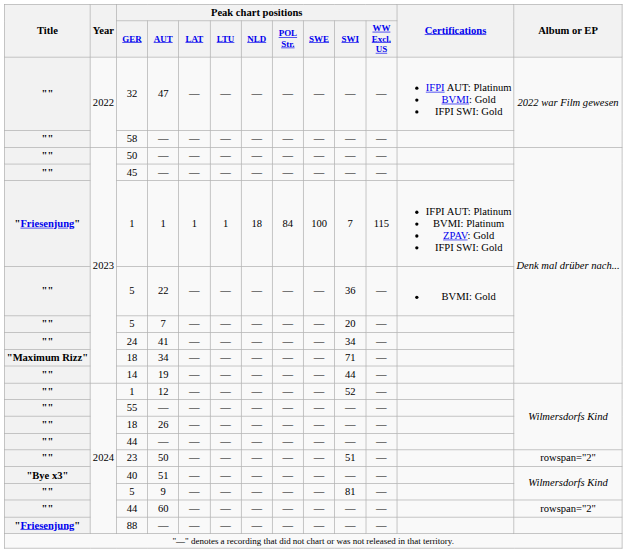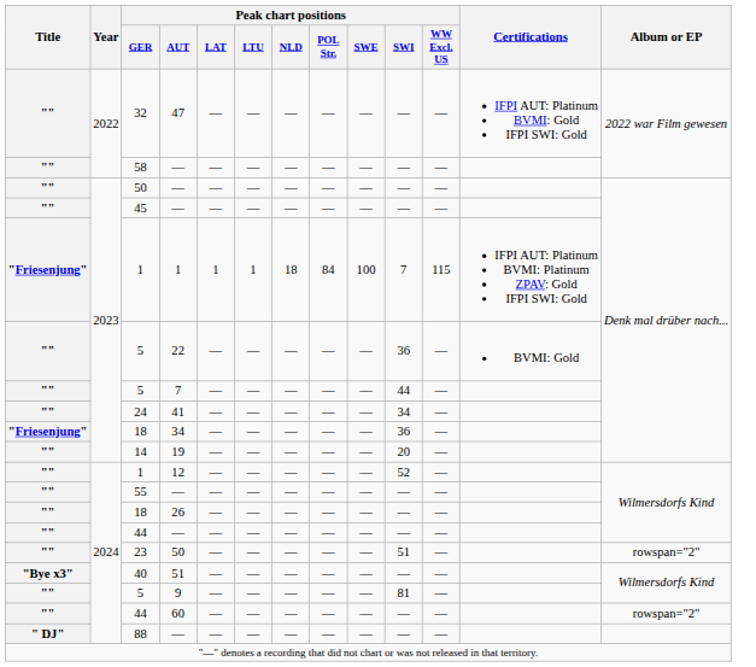 <table class="wikitable plainrowheaders" style="text-align:center;">
 <tr>
 <th scope="col" rowspan="2">Title</th>
 <th scope="col" rowspan="2">Year</th>
 <th scope="col" colspan="9">Peak chart positions</th>
 <th scope="col" rowspan="2"><a href='#'>Certifications</a></th>
 <th scope="col" rowspan="2">Album or EP</th>
 </tr>
 <tr>
 <th scope="col" style="width:3em;font-size:85%;"><a href='#'>GER</a><br></th>
 <th scope="col" style="width:3em;font-size:85%;"><a href='#'>AUT</a><br></th>
 <th scope="col" style="width:3em;font-size:85%;"><a href='#'>LAT</a><br></th>
 <th scope="col" style="width:3em;font-size:85%;"><a href='#'>LTU</a><br></th>
 <th scope="col" style="width:3em;font-size:85%;"><a href='#'>NLD</a><br></th>
 <th scope="col" style="width:3em;font-size:85%;"><a href='#'>POL<br>Str.</a><br></th>
 <th scope="col" style="width:3em;font-size:85%;"><a href='#'>SWE</a><br></th>
 <th scope="col" style="width:3em;font-size:85%;"><a href='#'>SWI</a><br></th>
 <th scope="col" style="width:3em;font-size:85%;"><a href='#'>WW<br>Excl.<br>US</a><br></th>
 </tr>
 <tr>
 <th scope="row">""<br></th>
 <td rowspan="2">2022</td>
 <td>32</td>
 <td>47</td>
 <td>—</td>
 <td>—</td>
 <td>—</td>
 <td>—</td>
 <td>—</td>
 <td>—</td>
 <td>—</td>
 <td><br><ul><li><a href='#'>IFPI</a> AUT: Platinum</li><li><a href='#'>BVMI</a>: Gold</li><li>IFPI SWI: Gold</li></ul></td>
 <td rowspan="2"><em>2022 war Film gewesen</em></td>
 </tr>
 <tr>
 <th scope="row">""<br></th>
 <td>58</td>
 <td>—</td>
 <td>—</td>
 <td>—</td>
 <td>—</td>
 <td>—</td>
 <td>—</td>
 <td>—</td>
 <td>—</td>
 <td></td>
 </tr>
 <tr>
 <th scope="row">""<br></th>
 <td rowspan="8">2023</td>
 <td>50</td>
 <td>—</td>
 <td>—</td>
 <td>—</td>
 <td>—</td>
 <td>—</td>
 <td>—</td>
 <td>—</td>
 <td>—</td>
 <td></td>
 <td rowspan="8"><em>Denk mal drüber nach...</em></td>
 </tr>
 <tr>
 <th scope="row">""</th>
 <td>45</td>
 <td>—</td>
 <td>—</td>
 <td>—</td>
 <td>—</td>
 <td>—</td>
 <td>—</td>
 <td>—</td>
 <td>—</td>
 <td></td>
 </tr>
 <tr>
 <th scope="row">"<a href='#'>Friesenjung</a>"<br></th>
 <td>1</td>
 <td>1</td>
 <td>1</td>
 <td>1</td>
 <td>18</td>
 <td>84</td>
 <td>100</td>
 <td>7</td>
 <td>115</td>
 <td><br><ul><li>IFPI AUT: Platinum</li><li>BVMI: Platinum</li><li><a href='#'>ZPAV</a>: Gold</li><li>IFPI SWI: Gold</li></ul></td>
 </tr>
 <tr>
 <th scope="row">""<br></th>
 <td>5</td>
 <td>22</td>
 <td>—</td>
 <td>—</td>
 <td>—</td>
 <td>—</td>
 <td>—</td>
 <td>36</td>
 <td>—</td>
 <td><br><ul><li>BVMI: Gold</li></ul></td>
 </tr>
 <tr>
 <th scope="row">""<br></th>
 <td>5</td>
 <td>7</td>
 <td>—</td>
 <td>—</td>
 <td>—</td>
 <td>—</td>
 <td>—</td>
-<td>20</td>
+<td>44</td>
 <td>—</td>
 <td></td>
 </tr>
 <tr>
 <th scope="row">""</th>
 <td>24</td>
 <td>41</td>
 <td>—</td>
 <td>—</td>
 <td>—</td>
 <td>—</td>
 <td>—</td>
 <td>34</td>
 <td>—</td>
 <td></td>
 </tr>
 <tr>
-<th scope="row">"Maximum Rizz"</th>
+<th scope="row">"<a href='#'>Friesenjung</a>"<br></th>
 <td>18</td>
 <td>34</td>
 <td>—</td>
 <td>—</td>
 <td>—</td>
 <td>—</td>
 <td>—</td>
-<td>71</td>
+<td>36</td>
 <td>—</td>
 <td></td>
 </tr>
 <tr>
 <th scope="row">""<br></th>
 <td>14</td>
 <td>19</td>
 <td>—</td>
 <td>—</td>
 <td>—</td>
 <td>—</td>
 <td>—</td>
-<td>44</td>
+<td>20</td>
 <td>—</td>
 <td></td>
 </tr>
 <tr>
 <th scope="row">""</th>
 <td rowspan="9">2024</td>
 <td>1</td>
 <td>12</td>
 <td>—</td>
 <td>—</td>
 <td>—</td>
 <td>—</td>
 <td>—</td>
 <td>52</td>
 <td>—</td>
 <td></td>
 <td rowspan="4"><em>Wilmersdorfs Kind</em></td>
 </tr>
 <tr>
 <th scope="row">""</th>
 <td>55</td>
 <td>—</td>
 <td>—</td>
 <td>—</td>
 <td>—</td>
 <td>—</td>
 <td>—</td>
 <td>—</td>
 <td>—</td>
 <td></td>
 </tr>
 <tr>
 <th scope="row">""<br></th>
 <td>18</td>
 <td>26</td>
 <td>—</td>
 <td>—</td>
 <td>—</td>
 <td>—</td>
 <td>—</td>
 <td>—</td>
 <td>—</td>
 <td></td>
 </tr>
 <tr>
 <th scope="row">""</th>
 <td>44</td>
 <td>—</td>
 <td>—</td>
 <td>—</td>
 <td>—</td>
 <td>—</td>
 <td>—</td>
 <td>—</td>
 <td>—</td>
 <td></td>
 </tr>
 <tr>
 <th scope="row">""<br></th>
 <td>23</td>
 <td>50</td>
 <td>—</td>
 <td>—</td>
 <td>—</td>
 <td>—</td>
 <td>—</td>
 <td>51</td>
 <td>—</td>
 <td></td>
 <td>rowspan="2" </td>
 </tr>
 <tr>
 <th scope="row">"Bye x3"<br></th>
 <td>40</td>
 <td>51</td>
 <td>—</td>
 <td>—</td>
 <td>—</td>
 <td>—</td>
 <td>—</td>
 <td>—</td>
 <td>—</td>
 <td></td>
 <td rowspan="2"><em>Wilmersdorfs Kind</em></td>
 </tr>
 <tr>
 <th scope="row">""<br></th>
 <td>5</td>
 <td>9</td>
 <td>—</td>
 <td>—</td>
 <td>—</td>
 <td>—</td>
 <td>—</td>
 <td>81</td>
 <td>—</td>
 <td></td>
 </tr>
 <tr>
 <th scope="row">""<br></th>
 <td>44</td>
 <td>60</td>
 <td>—</td>
 <td>—</td>
 <td>—</td>
 <td>—</td>
 <td>—</td>
 <td>—</td>
 <td>—</td>
 <td></td>
 <td>rowspan="2" </td>
 </tr>
 <tr>
-<th scope="row">"<a href='#'>Friesenjung</a>"<br></th>
+<th scope="row">" DJ"</th>
 <td>88</td>
 <td>—</td>
 <td>—</td>
 <td>—</td>
 <td>—</td>
 <td>—</td>
 <td>—</td>
 <td>—</td>
 <td>—</td>
 <td></td>
 </tr>
 <tr>
 <td colspan="15" style="font-size:85%">"—" denotes a recording that did not chart or was not released in that territory.</td>
 </tr>
 </table>
